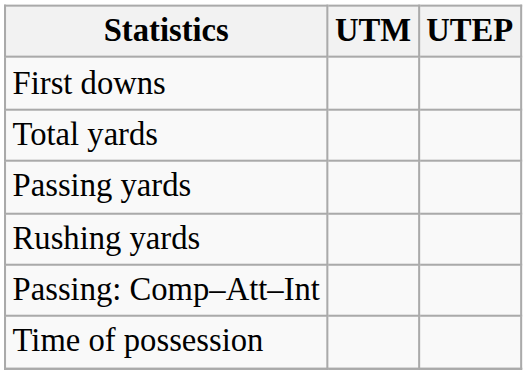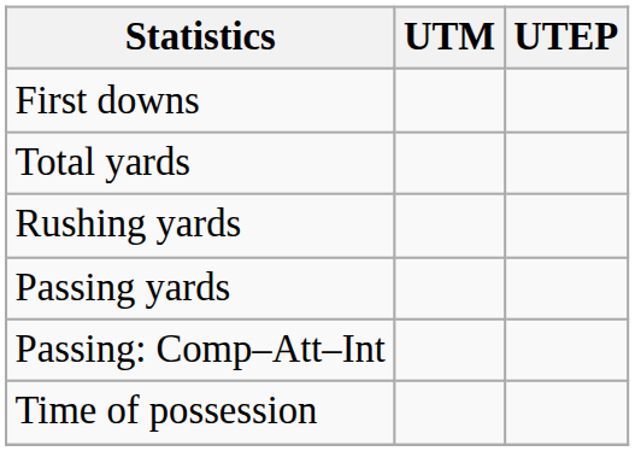 <table class="wikitable" style="float: left;">
 <tr>
 <th>Statistics</th>
 <th>UTM</th>
 <th>UTEP</th>
 </tr>
 <tr>
 <td>First downs</td>
 <td></td>
 <td></td>
 </tr>
 <tr>
 <td>Total yards</td>
 <td></td>
 <td></td>
 </tr>
 <tr>
-<td>Passing yards</td>
+<td>Rushing yards</td>
 <td></td>
 <td></td>
 </tr>
 <tr>
-<td>Rushing yards</td>
+<td>Passing yards</td>
 <td></td>
 <td></td>
 </tr>
 <tr>
 <td>Passing: Comp–Att–Int</td>
 <td></td>
 <td></td>
 </tr>
 <tr>
 <td>Time of possession</td>
 <td></td>
 <td></td>
 </tr>
 <tr>
 </tr>
 </table>
